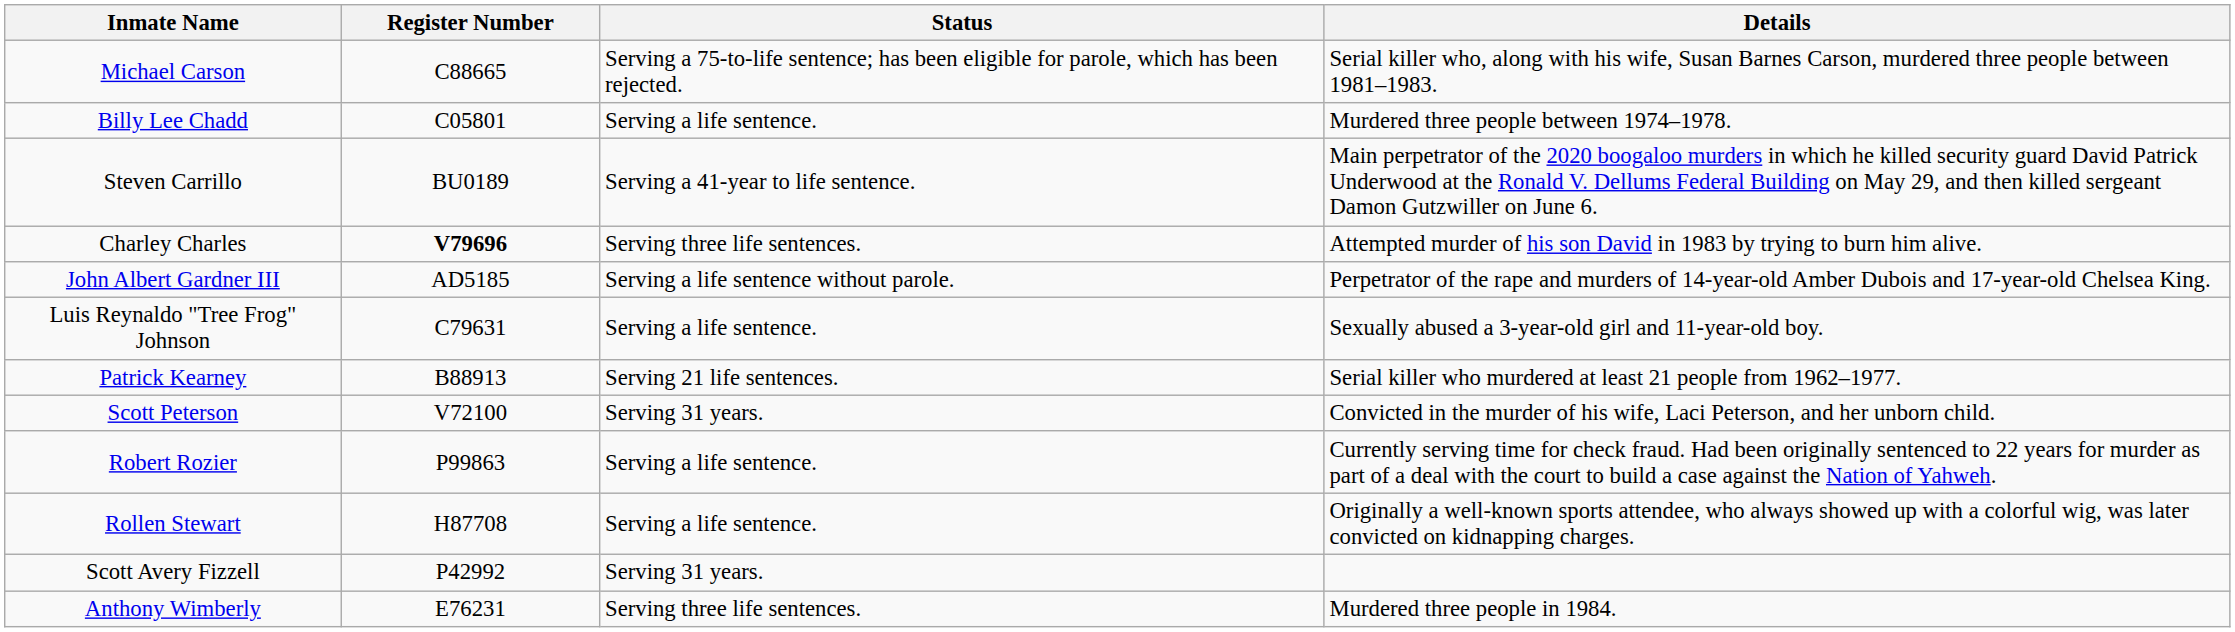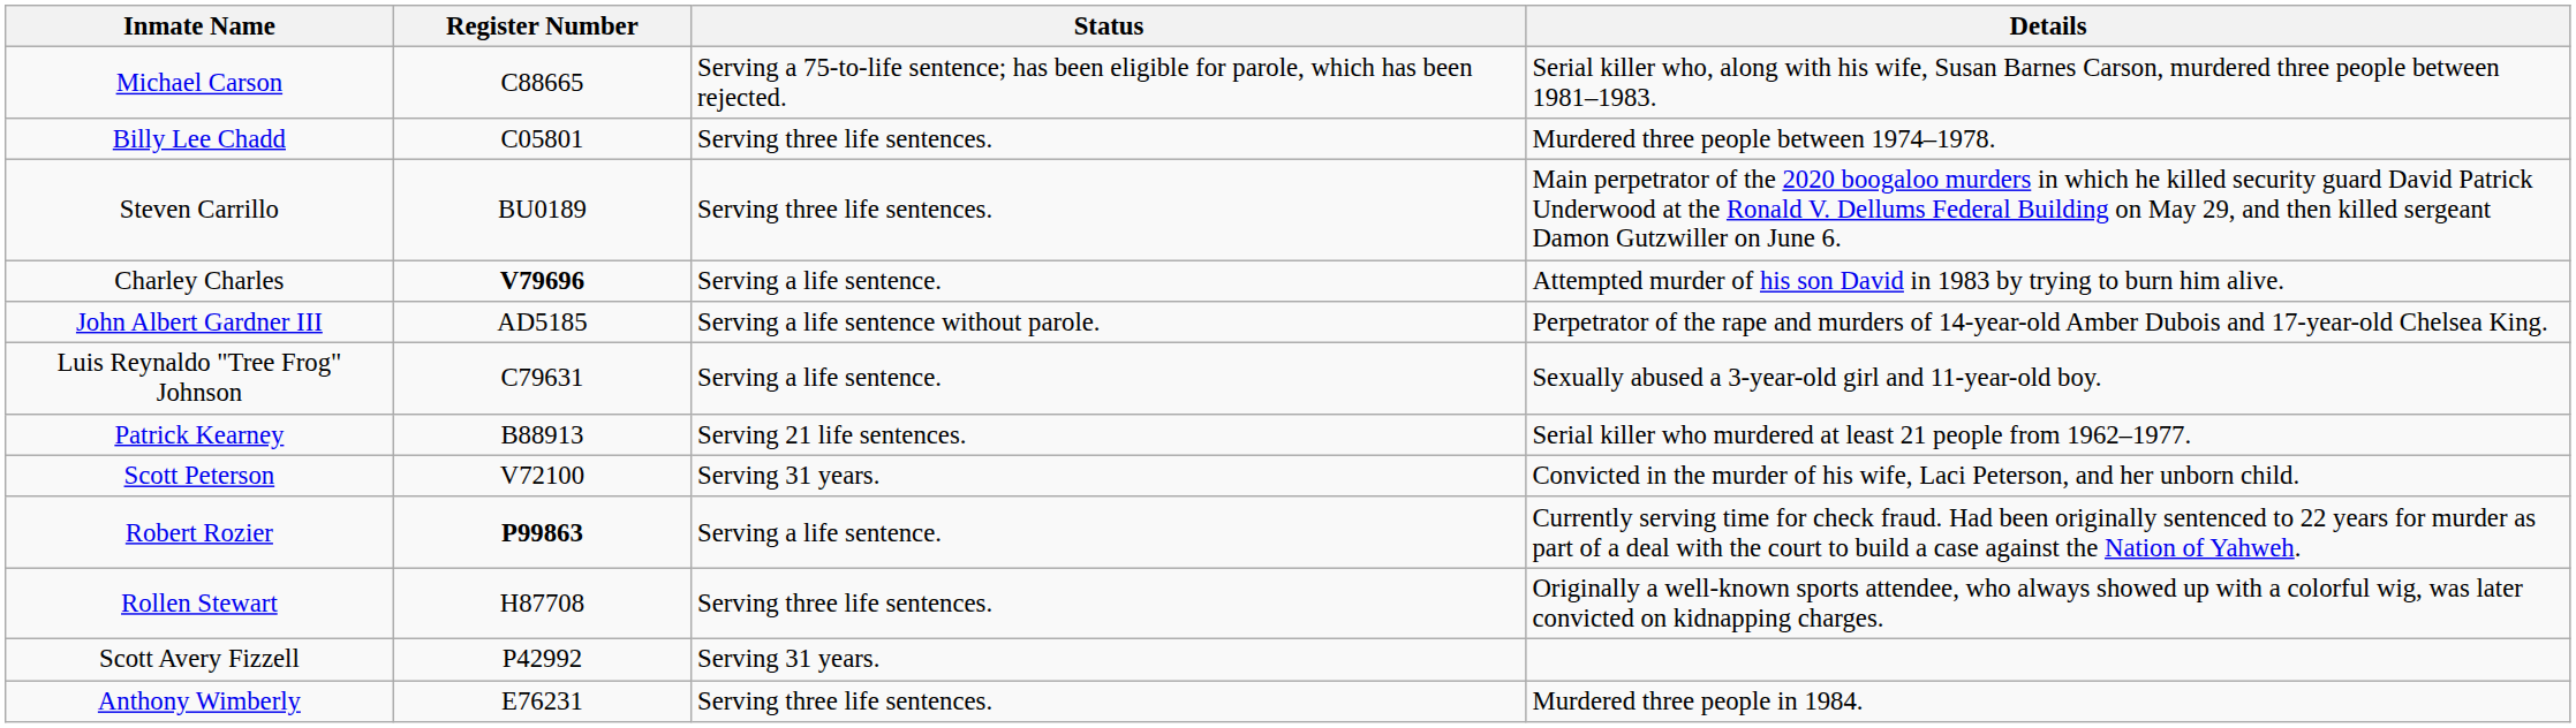 <table class="wikitable sortable">
 <tr>
 <th width=13%>Inmate Name</th>
 <th width=10%>Register Number</th>
 <th width=28%>Status</th>
 <th width=35%>Details</th>
 </tr>
 <tr>
 <td style="text-align:center;"><a href='#'>Michael Carson</a></td>
 <td style="text-align:center;">C88665</td>
 <td>Serving a 75-to-life sentence; has been eligible for parole, which has been rejected.</td>
 <td>Serial killer who, along with his wife, Susan Barnes Carson, murdered three people between 1981–1983.</td>
 </tr>
 <tr>
 <td style="text-align:center;"><a href='#'>Billy Lee Chadd</a></td>
 <td style="text-align:center;">C05801</td>
-<td>Serving a life sentence.</td>
+<td>Serving three life sentences.</td>
 <td>Murdered three people between 1974–1978.</td>
 </tr>
 <tr>
 <td style="text-align:center;">Steven Carrillo</td>
 <td style="text-align:center;">BU0189</td>
-<td>Serving a 41-year to life sentence.</td>
+<td>Serving three life sentences.</td>
 <td>Main perpetrator of the <a href='#'>2020 boogaloo murders</a> in which he killed security guard David Patrick Underwood at the <a href='#'>Ronald V. Dellums Federal Building</a> on May 29, and then killed sergeant Damon Gutzwiller on June 6.</td>
 </tr>
 <tr>
 <td style="text-align:center;">Charley Charles</td>
 <td style="text-align:center;"><strong>V79696</strong></td>
-<td>Serving three life sentences.</td>
+<td>Serving a life sentence.</td>
 <td>Attempted murder of <a href='#'>his son David</a> in 1983 by trying to burn him alive.</td>
 </tr>
 <tr>
 <td style="text-align:center;"><a href='#'>John Albert Gardner III</a></td>
 <td style="text-align:center;">AD5185</td>
 <td>Serving a life sentence without parole.</td>
 <td>Perpetrator of the rape and murders of 14-year-old Amber Dubois and 17-year-old Chelsea King.</td>
 </tr>
 <tr>
 <td style="text-align:center;">Luis Reynaldo "Tree Frog" Johnson</td>
 <td style="text-align:center;">C79631</td>
 <td>Serving a life sentence.</td>
 <td>Sexually abused a 3-year-old girl and 11-year-old boy.</td>
 </tr>
 <tr>
 <td style="text-align:center;"><a href='#'>Patrick Kearney</a></td>
 <td style="text-align:center;">B88913</td>
 <td>Serving 21 life sentences.</td>
 <td>Serial killer who murdered at least 21 people from 1962–1977.</td>
 </tr>
 <tr>
 <td style="text-align:center;"><a href='#'>Scott Peterson</a></td>
 <td style="text-align:center;">V72100</td>
 <td style="text=align:center;">Serving 31 years.</td>
 <td>Convicted in the murder of his wife, Laci Peterson, and her unborn child.</td>
 </tr>
 <tr>
 <td style="text-align:center;"><a href='#'>Robert Rozier</a></td>
-<td style="text-align:center;">P99863</td>
+<td style="text-align:center;"><strong>P99863</strong></td>
 <td>Serving a life sentence.</td>
 <td>Currently serving time for check fraud. Had been originally sentenced to 22 years for murder as part of a deal with the court to build a case against the <a href='#'>Nation of Yahweh</a>.</td>
 </tr>
 <tr>
 <td style="text-align:center;"><a href='#'>Rollen Stewart</a></td>
 <td style="text-align:center;">H87708</td>
-<td>Serving a life sentence.</td>
+<td>Serving three life sentences.</td>
 <td>Originally a well-known sports attendee, who always showed up with a colorful wig, was later convicted on kidnapping charges.</td>
 </tr>
 <tr>
 <td style="text-align:center;">Scott Avery Fizzell</td>
 <td style="text-align:center;">P42992</td>
 <td style="text=align:center;">Serving 31 years.</td>
 <td style="text-align:center;"></td>
 </tr>
 <tr>
 <td style="text-align:center;"><a href='#'>Anthony Wimberly</a></td>
 <td style="text-align:center;">E76231</td>
 <td>Serving three life sentences.</td>
 <td>Murdered three people in 1984.</td>
 </tr>
 </table>
